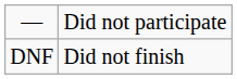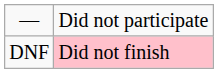 <table class="wikitable">
 <tr>
 <td style="text-align:center;">—</td>
 <td>Did not participate</td>
 </tr>
 <tr>
 <td style="text-align:center;">DNF</td>
-<td>Did not finish</td>
+<td style="background: pink;">Did not finish</td>
 </tr>
 </table>
